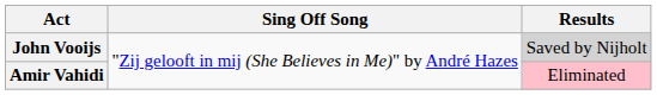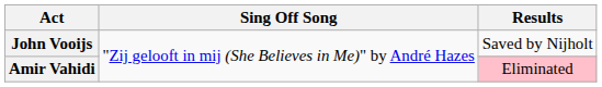 <table class="wikitable plainrowheaders" style="text-align:center;">
 <tr>
 <th scope="col">Act</th>
 <th scope="col">Sing Off Song</th>
 <th scope="col">Results</th>
 </tr>
 <tr>
 <th scope="row">John Vooijs</th>
 <td rowspan="2">"<a href='#'>Zij gelooft in mij</a> <em>(She Believes in Me)</em>" by <a href='#'>André Hazes</a></td>
-<td style="background: lightgrey;">Saved by Nijholt</td>
+<td>Saved by Nijholt</td>
 </tr>
 <tr>
 <th scope="row">Amir Vahidi</th>
 <td style="background:pink;">Eliminated</td>
 </tr>
 </table>
